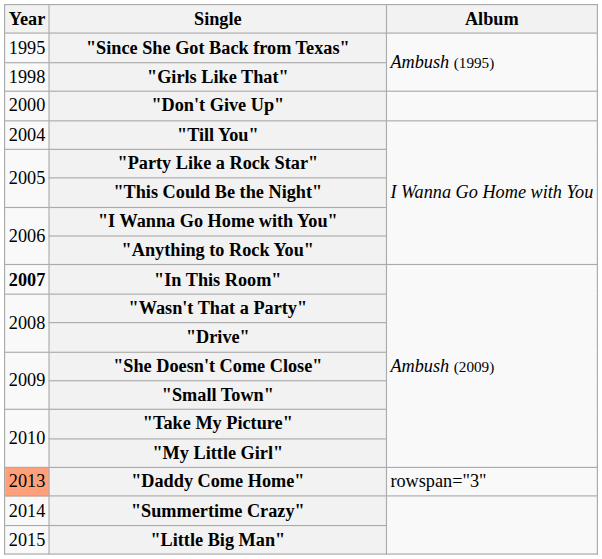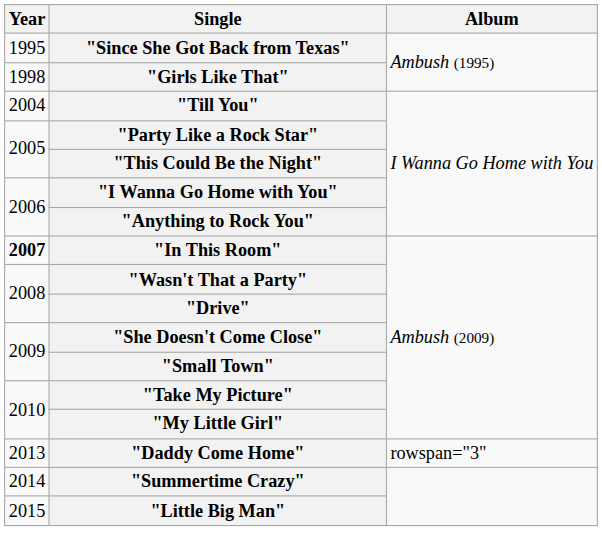 <table class="wikitable plainrowheaders">
 <tr>
 <th>Year</th>
 <th style="width:18em;">Single</th>
 <th>Album</th>
 </tr>
 <tr>
 <td>1995</td>
 <th scope="row">"Since She Got Back from Texas"</th>
 <td rowspan="2"><em>Ambush</em> <small>(1995)</small></td>
 </tr>
 <tr>
 <td>1998</td>
 <th scope="row">"Girls Like That"</th>
-</tr>
-<tr>
-<td>2000</td>
-<th scope="row">"Don't Give Up"</th>
-<td></td>
 </tr>
 <tr>
 <td>2004</td>
 <th scope="row">"Till You"</th>
 <td rowspan="5"><em>I Wanna Go Home with You</em></td>
 </tr>
 <tr>
 <td rowspan="2">2005</td>
 <th scope="row">"Party Like a Rock Star"</th>
 </tr>
 <tr>
 <th scope="row">"This Could Be the Night"</th>
 </tr>
 <tr>
 <td rowspan="2">2006</td>
 <th scope="row">"I Wanna Go Home with You"</th>
 </tr>
 <tr>
 <th scope="row">"Anything to Rock You"</th>
 </tr>
 <tr>
 <td><strong>2007</strong></td>
 <th scope="row">"In This Room"</th>
 <td rowspan="7"><em>Ambush</em> <small>(2009)</small></td>
 </tr>
 <tr>
 <td rowspan="2">2008</td>
 <th scope="row">"Wasn't That a Party"</th>
 </tr>
 <tr>
 <th scope="row">"Drive"</th>
 </tr>
 <tr>
 <td rowspan="2">2009</td>
 <th scope="row">"She Doesn't Come Close"</th>
 </tr>
 <tr>
 <th scope="row">"Small Town"</th>
 </tr>
 <tr>
 <td rowspan="2">2010</td>
 <th scope="row">"Take My Picture"</th>
 </tr>
 <tr>
 <th scope="row">"My Little Girl"</th>
 </tr>
 <tr>
-<td style="background: lightsalmon;">2013</td>
+<td>2013</td>
 <th scope="row">"Daddy Come Home"</th>
 <td>rowspan="3" </td>
 </tr>
 <tr>
 <td>2014</td>
 <th scope="row">"Summertime Crazy"</th>
 </tr>
 <tr>
 <td>2015</td>
 <th scope="row">"Little Big Man"</th>
 </tr>
 </table>
